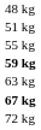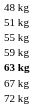 <table>
 <tr>
 <td>48 kg</td>
 <td></td>
 <td></td>
 <td></td>
 </tr>
 <tr>
 <td>51 kg</td>
 <td></td>
 <td></td>
 <td></td>
 </tr>
 <tr>
 <td>55 kg</td>
 <td></td>
 <td></td>
 <td></td>
 </tr>
 <tr>
-<td><strong>59 kg</strong></td>
+<td>59 kg</td>
 <td></td>
 <td></td>
 <td></td>
 </tr>
 <tr>
-<td>63 kg</td>
+<td><strong>63 kg</strong></td>
 <td></td>
 <td></td>
 <td></td>
 </tr>
 <tr>
-<td><strong>67 kg</strong></td>
+<td>67 kg</td>
 <td></td>
 <td></td>
 <td></td>
 </tr>
 <tr>
 <td>72 kg</td>
 <td></td>
 <td></td>
 <td></td>
 </tr>
 </table>
